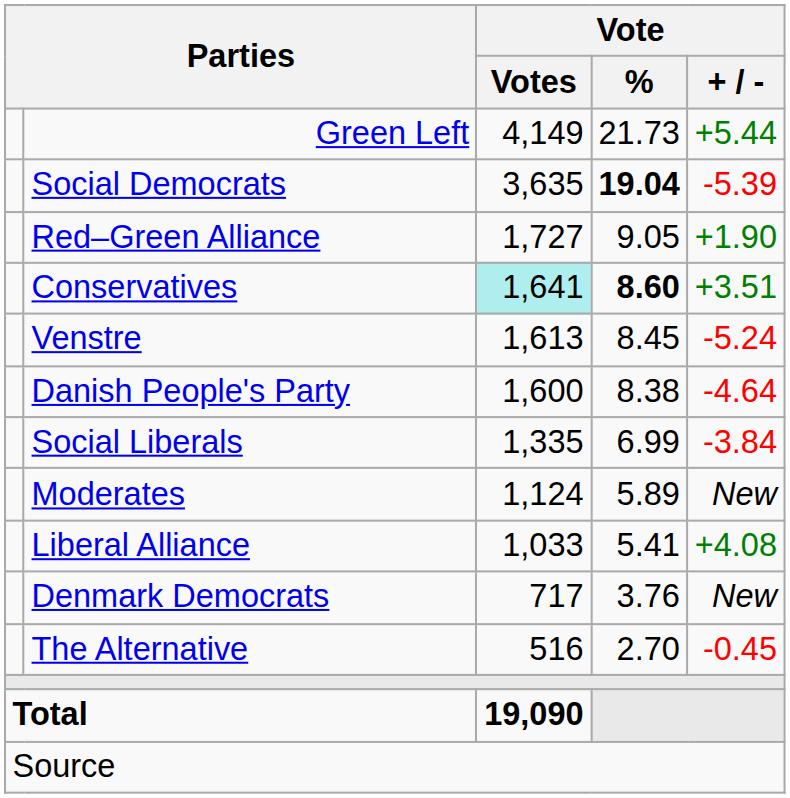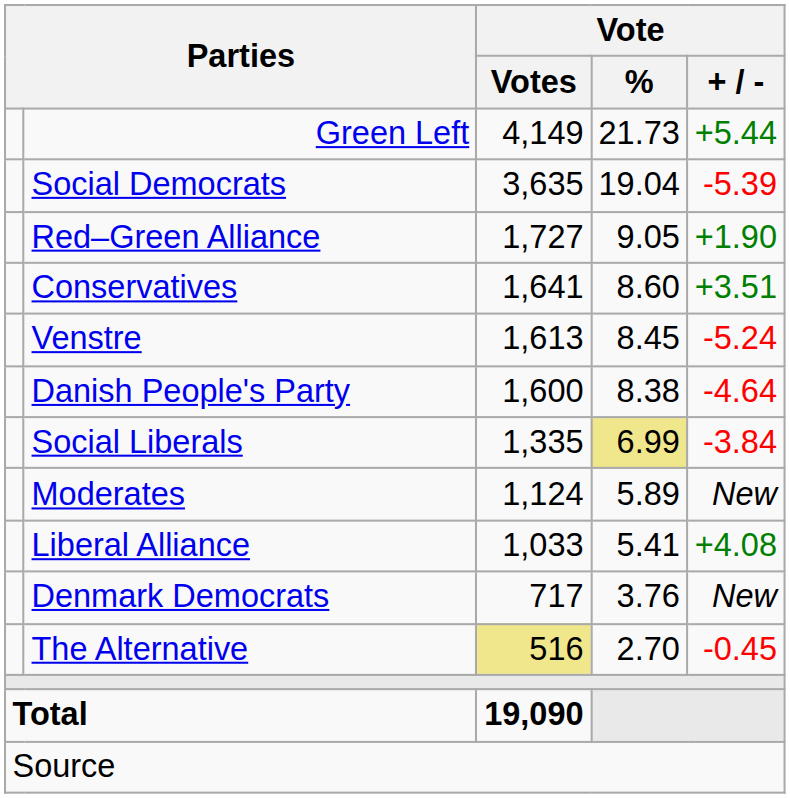 <table class="wikitable" style="text-align:right;">
 <tr>
 <th style="text-align:centre;" rowspan="2" colspan="2" width="225">Parties</th>
 <th colspan="3">Vote</th>
 </tr>
 <tr>
 <th width="15">Votes</th>
 <th width="15">%</th>
 <th width="15">+ / -</th>
 </tr>
 <tr>
 <td width=2 bgcolor=></td>
 <td><a href='#'>Green Left</a></td>
 <td>4,149</td>
 <td>21.73</td>
 <td style=color:green;>+5.44</td>
 </tr>
 <tr>
 <td width=2 bgcolor=></td>
 <td align=left><a href='#'>Social Democrats</a></td>
 <td>3,635</td>
-<td><strong>19.04</strong></td>
+<td>19.04</td>
 <td style=color:red;>-5.39</td>
 </tr>
 <tr>
 <td width=2 bgcolor=></td>
 <td align=left><a href='#'>Red–Green Alliance</a></td>
 <td>1,727</td>
 <td>9.05</td>
 <td style=color:green;>+1.90</td>
 </tr>
 <tr>
 <td width=2 bgcolor=></td>
 <td align=left><a href='#'>Conservatives</a></td>
-<td style="background: paleturquoise;">1,641</td>
-<td><strong>8.60</strong></td>
+<td>1,641</td>
+<td>8.60</td>
 <td style=color:green;>+3.51</td>
 </tr>
 <tr>
 <td width=2 bgcolor=></td>
 <td align=left><a href='#'>Venstre</a></td>
 <td>1,613</td>
 <td>8.45</td>
 <td style=color:red;>-5.24</td>
 </tr>
 <tr>
 <td width=2 bgcolor=></td>
 <td align=left><a href='#'>Danish People's Party</a></td>
 <td>1,600</td>
 <td>8.38</td>
 <td style=color:red;>-4.64</td>
 </tr>
 <tr>
 <td width=2 bgcolor=></td>
 <td align=left><a href='#'>Social Liberals</a></td>
 <td>1,335</td>
-<td>6.99</td>
+<td style="background: khaki;">6.99</td>
 <td style=color:red;>-3.84</td>
 </tr>
 <tr>
 <td width=2 bgcolor=></td>
 <td align=left><a href='#'>Moderates</a></td>
 <td>1,124</td>
 <td>5.89</td>
 <td><em>New</em></td>
 </tr>
 <tr>
 <td width=2 bgcolor=></td>
 <td align=left><a href='#'>Liberal Alliance</a></td>
 <td>1,033</td>
 <td>5.41</td>
 <td style=color:green;>+4.08</td>
 </tr>
 <tr>
 <td width=2 bgcolor=></td>
 <td align=left><a href='#'>Denmark Democrats</a></td>
 <td>717</td>
 <td>3.76</td>
 <td><em>New</em></td>
 </tr>
 <tr>
 <td width=2 bgcolor=></td>
 <td align=left><a href='#'>The Alternative</a></td>
-<td>516</td>
+<td style="background: khaki;">516</td>
 <td>2.70</td>
 <td style=color:red;>-0.45</td>
 </tr>
 <tr>
 <td colspan="7" bgcolor="#E9E9E9"></td>
 </tr>
 <tr>
 <td align="left" colspan="2"><strong>Total</strong></td>
 <td><strong>19,090</strong></td>
 <td bgcolor=#E9E9E9 colspan=2></td>
 </tr>
 <tr>
 <td align="left" colspan="6">Source</td>
 </tr>
 </table>
